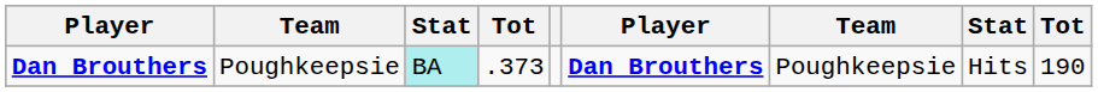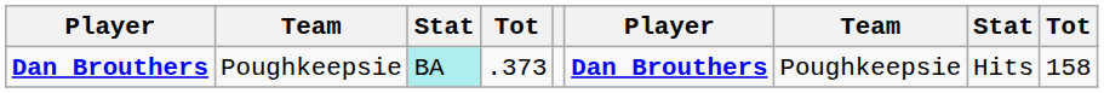 <table class="wikitable">
 <tr>
 <th>Player</th>
 <th>Team</th>
 <th>Stat</th>
 <th>Tot</th>
 <th></th>
 <th>Player</th>
 <th>Team</th>
 <th>Stat</th>
 <th>Tot</th>
 </tr>
 <tr>
 <td><strong><a href='#'>Dan Brouthers</a></strong></td>
 <td>Poughkeepsie</td>
 <td style="background: paleturquoise;">BA</td>
 <td>.373</td>
 <td></td>
 <td><strong><a href='#'>Dan Brouthers</a></strong></td>
 <td>Poughkeepsie</td>
 <td>Hits</td>
-<td>190</td>
+<td>158</td>
 </tr>
 </table>
